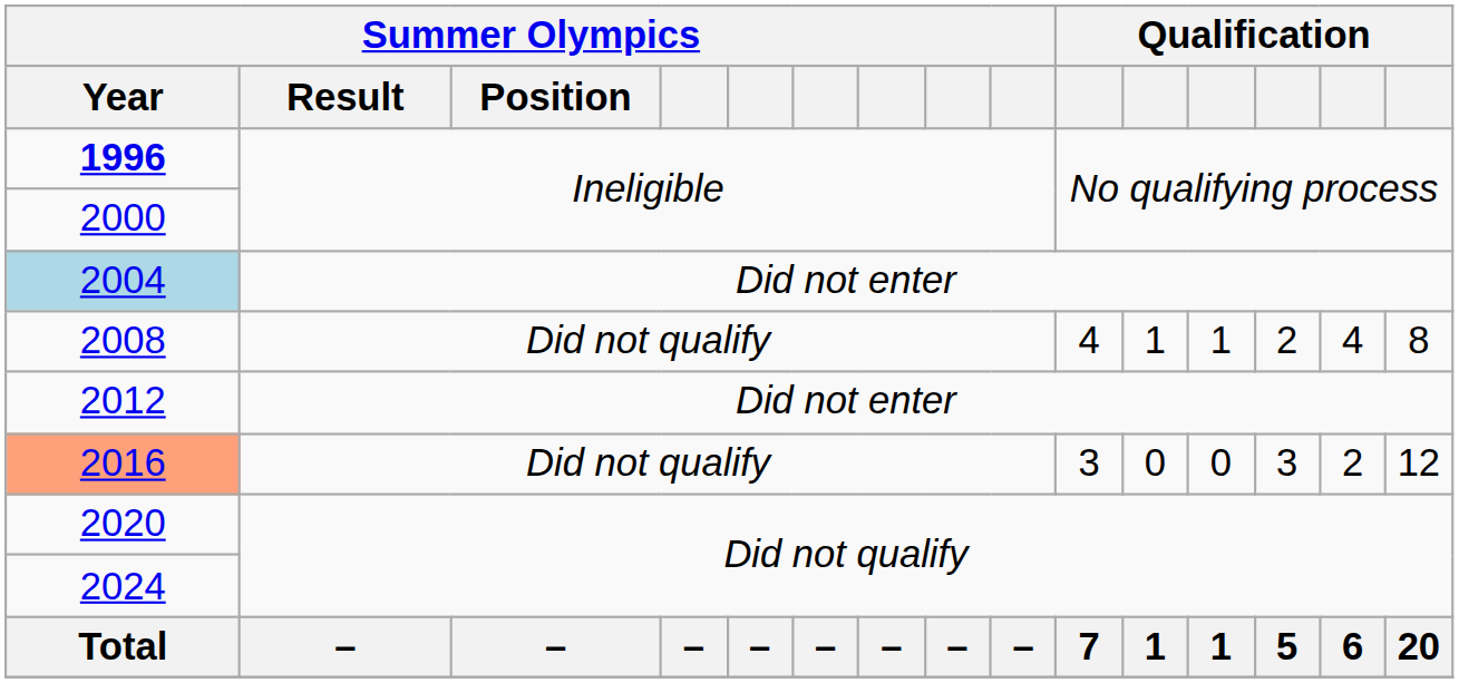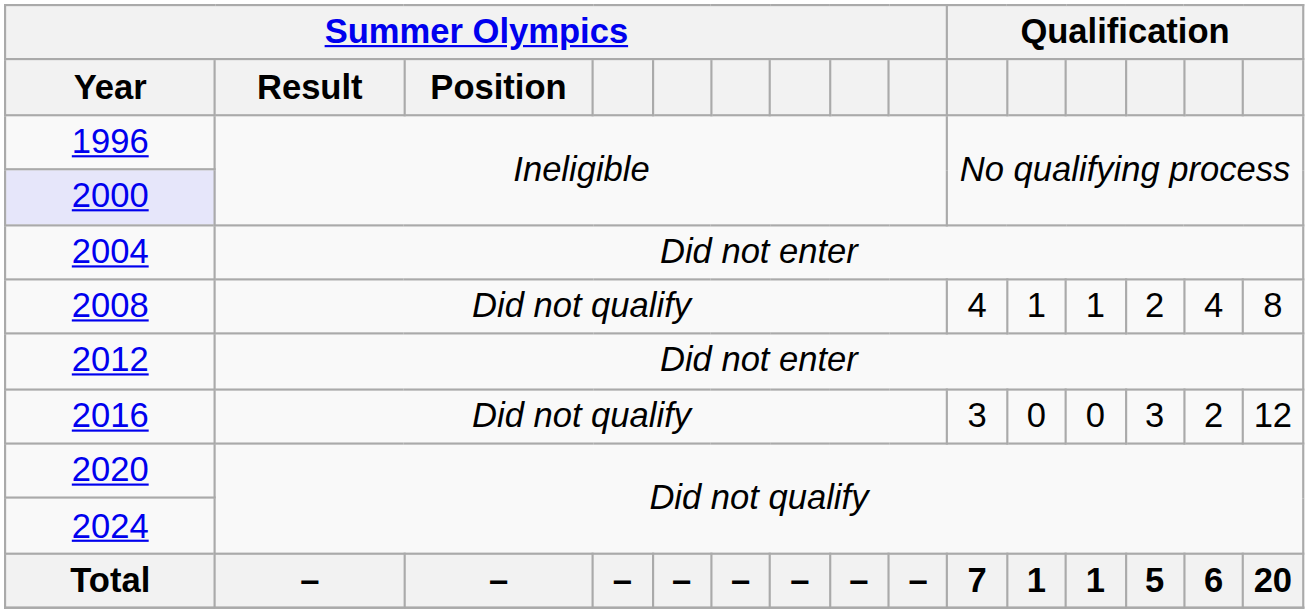 <table class="wikitable" style="text-align:center;">
 <tr>
 <th colspan="9"><a href='#'>Summer Olympics</a></th>
 <th colspan="6">Qualification</th>
 </tr>
 <tr>
 <th style="width:90px;">Year</th>
 <th style="width:80px;">Result</th>
 <th style="width:80px;">Position</th>
 <th style="width:20px;"></th>
 <th style="width:20px;"></th>
 <th style="width:20px;"></th>
 <th style="width:20px;"></th>
 <th style="width:20px;"></th>
 <th style="width:20px;"></th>
 <th style="width:20px;"></th>
 <th style="width:20px;"></th>
 <th style="width:20px;"></th>
 <th style="width:20px;"></th>
 <th style="width:20px;"></th>
 <th style="width:20px;"></th>
 </tr>
 <tr>
-<td><strong> <a href='#'>1996</a></strong></td>
+<td> <a href='#'>1996</a></td>
 <td rowspan="2" colspan="8"><em>Ineligible</em></td>
 <td rowspan="2" colspan="6"><em>No qualifying process</em></td>
 </tr>
 <tr>
-<td> <a href='#'>2000</a></td>
+<td style="background: lavender;"> <a href='#'>2000</a></td>
 </tr>
 <tr>
-<td style="background: lightblue;"> <a href='#'>2004</a></td>
+<td> <a href='#'>2004</a></td>
 <td colspan="14"><em>Did not enter</em></td>
 </tr>
 <tr>
 <td> <a href='#'>2008</a></td>
 <td colspan="8"><em>Did not qualify</em></td>
 <td>4</td>
 <td>1</td>
 <td>1</td>
 <td>2</td>
 <td>4</td>
 <td>8</td>
 </tr>
 <tr>
 <td> <a href='#'>2012</a></td>
 <td colspan="14"><em>Did not enter</em></td>
 </tr>
 <tr>
-<td style="background: lightsalmon;"> <a href='#'>2016</a></td>
+<td> <a href='#'>2016</a></td>
 <td colspan="8"><em>Did not qualify</em></td>
 <td>3</td>
 <td>0</td>
 <td>0</td>
 <td>3</td>
 <td>2</td>
 <td>12</td>
 </tr>
 <tr>
 <td> <a href='#'>2020</a></td>
 <td colspan=14 rowspan=2><em>Did not qualify</em></td>
 </tr>
 <tr>
 <td> <a href='#'>2024</a></td>
 </tr>
 <tr>
 <th>Total</th>
 <th>–</th>
 <th>–</th>
 <th>–</th>
 <th>–</th>
 <th>–</th>
 <th>–</th>
 <th>–</th>
 <th>–</th>
 <th>7</th>
 <th>1</th>
 <th>1</th>
 <th>5</th>
 <th>6</th>
 <th>20</th>
 </tr>
 <tr>
 </tr>
 </table>
